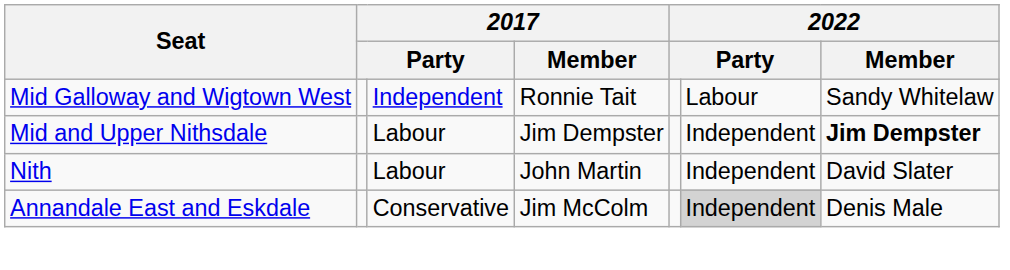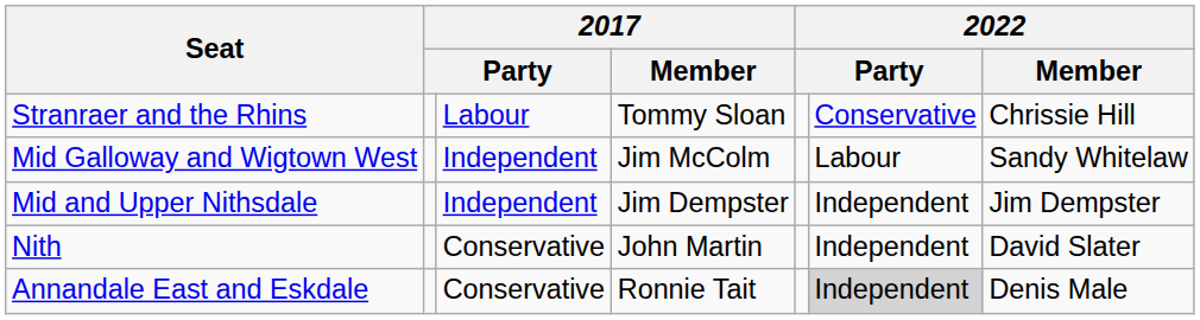 <table class="wikitable">
 <tr>
 <th scope="col" rowspan="2" style="text-align:center">Seat</th>
 <th scope="col" colspan="3" style="text-align:center"><em>2017</em></th>
 <th scope="col" colspan="3" style="text-align:center"><em>2022</em></th>
 </tr>
 <tr>
 <th colspan="2" style="text-align:center">Party</th>
 <th style="text-align:center">Member</th>
 <th colspan="2" style="text-align:center">Party</th>
 <th style="text-align:center">Member</th>
 </tr>
 <tr>
+<td scope="row"><a href='#'>Stranraer and the Rhins</a></td>
+<td></td>
+<td scope="row"><a href='#'>Labour</a></td>
+<td>Tommy Sloan</td>
+<td></td>
+<td><a href='#'>Conservative</a></td>
+<td>Chrissie Hill</td>
+</tr>
+<tr>
 <td scope="row"><a href='#'>Mid Galloway and Wigtown West</a></td>
 <td></td>
 <td><a href='#'>Independent</a></td>
-<td>Ronnie Tait</td>
+<td>Jim McColm</td>
 <td></td>
 <td scope="row">Labour</td>
 <td>Sandy Whitelaw</td>
 </tr>
 <tr>
 <td scope="row"><a href='#'>Mid and Upper Nithsdale</a></td>
 <td></td>
-<td scope="row">Labour</td>
+<td><a href='#'>Independent</a></td>
 <td>Jim Dempster</td>
 <td></td>
 <td>Independent</td>
-<td><strong>Jim Dempster</strong></td>
+<td>Jim Dempster</td>
 </tr>
 <tr>
 <td scope="row"><a href='#'>Nith</a></td>
 <td></td>
-<td scope="row">Labour</td>
+<td>Conservative</td>
 <td>John Martin</td>
 <td></td>
 <td>Independent</td>
 <td>David Slater</td>
 </tr>
 <tr>
 <td scope="row"><a href='#'>Annandale East and Eskdale</a></td>
 <td></td>
 <td>Conservative</td>
-<td>Jim McColm</td>
+<td>Ronnie Tait</td>
 <td></td>
 <td style="background: lightgrey;">Independent</td>
 <td>Denis Male</td>
 </tr>
 </table>
